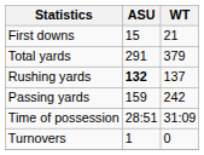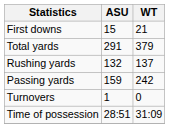 <table class="wikitable">
 <tr>
 <th>Statistics</th>
 <th>ASU</th>
 <th>WT</th>
 </tr>
 <tr>
 <td>First downs</td>
 <td>15</td>
 <td>21</td>
 </tr>
 <tr>
 <td>Total yards</td>
 <td>291</td>
 <td>379</td>
 </tr>
 <tr>
 <td>Rushing yards</td>
-<td><strong>132</strong></td>
+<td>132</td>
 <td>137</td>
 </tr>
 <tr>
 <td>Passing yards</td>
 <td>159</td>
 <td>242</td>
 </tr>
 <tr>
+<td>Turnovers</td>
+<td>1</td>
+<td>0</td>
+</tr>
+<tr>
 <td>Time of possession</td>
 <td>28:51</td>
 <td>31:09</td>
 </tr>
 <tr>
-<td>Turnovers</td>
-<td>1</td>
-<td>0</td>
-</tr>
-<tr>
 </tr>
 </table>
